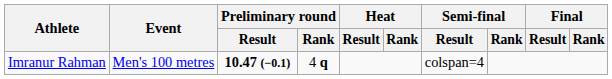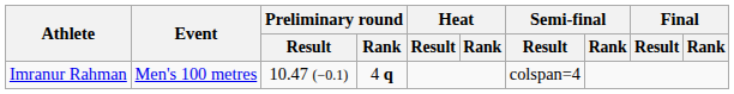 <table class=wikitable style=font-size:90%>
 <tr>
 <th rowspan="2">Athlete</th>
 <th rowspan="2">Event</th>
 <th colspan="2">Preliminary round</th>
 <th colspan="2">Heat</th>
 <th colspan="2">Semi-final</th>
 <th colspan="2">Final</th>
 </tr>
 <tr style=font-size:95%>
 <th>Result</th>
 <th>Rank</th>
 <th>Result</th>
 <th>Rank</th>
 <th>Result</th>
 <th>Rank</th>
 <th>Result</th>
 <th>Rank</th>
 </tr>
 <tr style=text-align:center>
 <td style=text-align:left><a href='#'>Imranur Rahman</a></td>
 <td style=text-align:left><a href='#'>Men's 100 metres</a></td>
-<td><strong>10.47 <small>(−0.1)</small></strong></td>
+<td>10.47 <small>(−0.1)</small></td>
 <td>4 <strong>q</strong></td>
 <td colspan="2"></td>
 <td>colspan=4 </td>
 </tr>
 </table>
